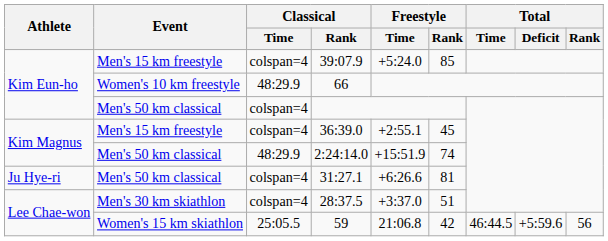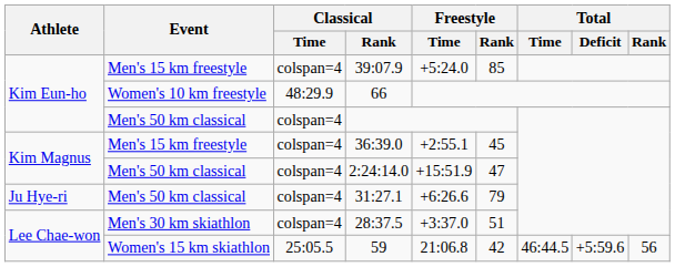 <table class="wikitable" style="font-size:90%">
 <tr>
 <th rowspan=2>Athlete</th>
 <th rowspan=2>Event</th>
 <th colspan=2>Classical</th>
 <th colspan=2>Freestyle</th>
 <th colspan=3>Total</th>
 </tr>
 <tr style="font-size:95%">
 <th>Time</th>
 <th>Rank</th>
 <th>Time</th>
 <th>Rank</th>
 <th>Time</th>
 <th>Deficit</th>
 <th>Rank</th>
 </tr>
 <tr align=center>
 <td align=left rowspan=3><a href='#'>Kim Eun-ho</a></td>
 <td align=left><a href='#'>Men's 15 km freestyle</a></td>
 <td>colspan=4 </td>
 <td>39:07.9</td>
 <td>+5:24.0</td>
 <td>85</td>
 </tr>
 <tr align=center>
 <td align=left><a href='#'>Women's 10 km freestyle</a></td>
 <td>48:29.9</td>
 <td>66</td>
 <td colspan=5></td>
 </tr>
 <tr align=center>
 <td align=left><a href='#'>Men's 50 km classical</a></td>
 <td>colspan=4 </td>
 <td colspan=3></td>
 </tr>
 <tr align=center>
 <td align=left rowspan=2><a href='#'>Kim Magnus</a></td>
 <td align=left><a href='#'>Men's 15 km freestyle</a></td>
 <td>colspan=4 </td>
 <td>36:39.0</td>
 <td>+2:55.1</td>
 <td>45</td>
 </tr>
 <tr align=center>
 <td align=left><a href='#'>Men's 50 km classical</a></td>
-<td>48:29.9</td>
+<td>colspan=4 </td>
 <td>2:24:14.0</td>
 <td>+15:51.9</td>
-<td>74</td>
+<td>47</td>
 </tr>
 <tr align=center>
 <td align=left><a href='#'>Ju Hye-ri</a></td>
 <td align=left><a href='#'>Men's 50 km classical</a></td>
 <td>colspan=4 </td>
 <td>31:27.1</td>
 <td>+6:26.6</td>
-<td>81</td>
+<td>79</td>
 </tr>
 <tr align=center>
 <td align=left rowspan=2><a href='#'>Lee Chae-won</a></td>
 <td align=left><a href='#'>Men's 30 km skiathlon</a></td>
 <td>colspan=4 </td>
 <td>28:37.5</td>
 <td>+3:37.0</td>
 <td>51</td>
 </tr>
 <tr align=center>
 <td align=left><a href='#'>Women's 15 km skiathlon</a></td>
 <td>25:05.5</td>
 <td>59</td>
 <td>21:06.8</td>
 <td>42</td>
 <td>46:44.5</td>
 <td>+5:59.6</td>
 <td>56</td>
 </tr>
 </table>
